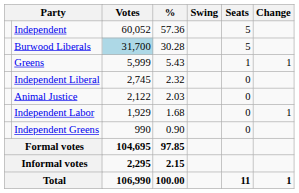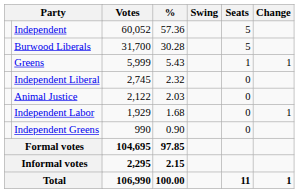 <table class="wikitable" style="text-align:right; margin-bottom:0">
 <tr>
 <th style="width:10px" colspan=3>Party</th>
 <th style="width:70px;">Votes</th>
 <th style="width:40px;">%</th>
 <th style="width:40px;">Swing</th>
 <th style="width:40px;">Seats</th>
 <th style="width:40px;">Change</th>
 </tr>
 <tr>
 <td> </td>
 <td style="text-align:left;" colspan="2"><a href='#'>Independent</a></td>
 <td style="width:70px;">60,052</td>
 <td style="width:40px;">57.36</td>
 <td style="width:45px;"></td>
 <td style="width:40px;">5</td>
 <td style="width:55px;"></td>
 </tr>
 <tr>
 <td> </td>
 <td style="text-align:left;" colspan="2"><a href='#'>Burwood Liberals</a></td>
-<td style="background: lightblue; width:70px;">31,700</td>
+<td style="width:70px;">31,700</td>
 <td style="width:40px;">30.28</td>
 <td style="width:45px;"></td>
 <td style="width:40px;">5</td>
 <td style="width:55px;"></td>
 </tr>
 <tr>
 <td> </td>
 <td style="text-align:left;" colspan="2"><a href='#'>Greens</a></td>
 <td style="width:70px;">5,999</td>
 <td style="width:40px;">5.43</td>
 <td style="width:45px;"></td>
 <td style="width:40px;">1</td>
 <td style="width:55px;"> 1</td>
 </tr>
 <tr>
 <td> </td>
 <td style="text-align:left;" colspan="2"><a href='#'>Independent Liberal</a></td>
 <td style="width:70px;">2,745</td>
 <td style="width:40px;">2.32</td>
 <td style="width:45px;"></td>
 <td style="width:40px;">0</td>
 <td style="width:55px;"></td>
 </tr>
 <tr>
 <td> </td>
 <td style="text-align:left;" colspan="2"><a href='#'>Animal Justice</a></td>
 <td style="width:70px;">2,122</td>
 <td style="width:40px;">2.03</td>
 <td style="width:45px;"></td>
 <td style="width:40px;">0</td>
 <td style="width:55px;"></td>
 </tr>
 <tr>
 <td> </td>
 <td style="text-align:left;" colspan="2"><a href='#'>Independent Labor</a></td>
 <td style="width:70px;">1,929</td>
 <td style="width:40px;">1.68</td>
 <td style="width:45px;"></td>
 <td style="width:40px;">0</td>
 <td style="width:55px;"> 1</td>
 </tr>
 <tr>
 <td> </td>
 <td style="text-align:left;" colspan="2"><a href='#'>Independent Greens</a></td>
 <td style="width:70px;">990</td>
 <td style="width:40px;">0.90</td>
 <td style="width:45px;"></td>
 <td style="width:40px;">0</td>
 <td style="width:55px;"></td>
 </tr>
 <tr>
 <th colspan="3" rowspan="1"> Formal votes</th>
 <td><strong>104,695</strong></td>
 <td><strong>97.85</strong></td>
 <td></td>
 <td></td>
 <td></td>
 </tr>
 <tr>
 <th colspan="3" rowspan="1"> Informal votes</th>
 <td><strong>2,295</strong></td>
 <td><strong>2.15</strong></td>
 <td></td>
 <td></td>
 <td></td>
 </tr>
 <tr>
 <th colspan="3" rowspan="1"> <strong>Total </strong></th>
 <td><strong>106,990</strong></td>
 <td><strong>100.00</strong></td>
 <td></td>
 <td><strong>11</strong></td>
 <td> <strong>1</strong></td>
 </tr>
 </table>
